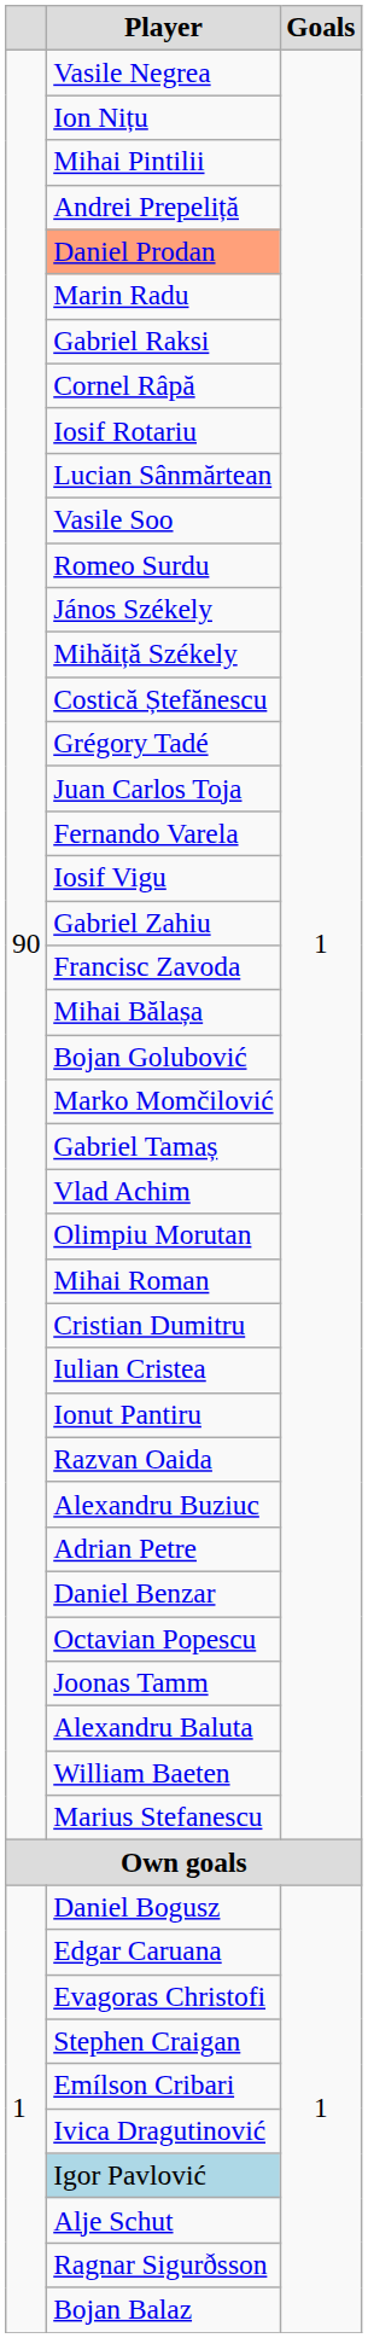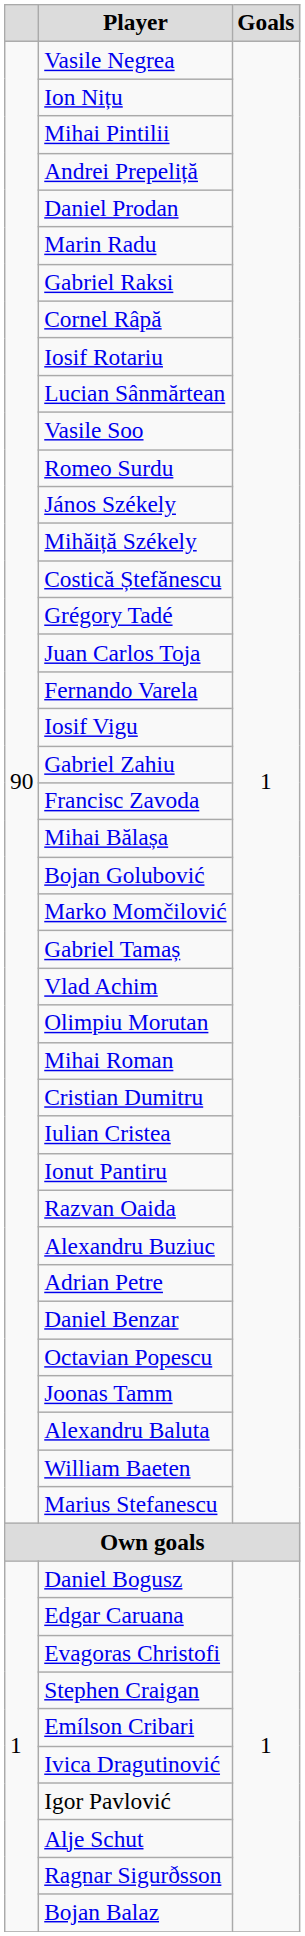 <table border="0" class="wikitable">
 <tr>
 <th width="15" style="background:#DCDCDC"></th>
 <th style="background:#DCDCDC">Player</th>
 <th style="background:#DCDCDC">Goals</th>
 </tr>
 <tr>
 <td rowspan="40" align=left>90</td>
 <td><a href='#'>Vasile Negrea</a></td>
 <td rowspan="40" align=center>1</td>
 </tr>
 <tr>
 <td><a href='#'>Ion Nițu</a></td>
 </tr>
 <tr>
 <td><a href='#'>Mihai Pintilii</a></td>
 </tr>
 <tr>
 <td><a href='#'>Andrei Prepeliță</a></td>
 </tr>
 <tr>
-<td style="background: lightsalmon;"><a href='#'>Daniel Prodan</a></td>
+<td><a href='#'>Daniel Prodan</a></td>
 </tr>
 <tr>
 <td><a href='#'>Marin Radu</a></td>
 </tr>
 <tr>
 <td><a href='#'>Gabriel Raksi</a></td>
 </tr>
 <tr>
 <td><a href='#'>Cornel Râpă</a></td>
 </tr>
 <tr>
 <td><a href='#'>Iosif Rotariu</a></td>
 </tr>
 <tr>
 <td><a href='#'>Lucian Sânmărtean</a></td>
 </tr>
 <tr>
 <td><a href='#'>Vasile Soo</a></td>
 </tr>
 <tr>
 <td><a href='#'>Romeo Surdu</a></td>
 </tr>
 <tr>
 <td><a href='#'>János Székely</a></td>
 </tr>
 <tr>
 <td><a href='#'>Mihăiță Székely</a></td>
 </tr>
 <tr>
 <td><a href='#'>Costică Ștefănescu</a></td>
 </tr>
 <tr>
 <td> <a href='#'>Grégory Tadé</a></td>
 </tr>
 <tr>
 <td> <a href='#'>Juan Carlos Toja</a></td>
 </tr>
 <tr>
 <td> <a href='#'>Fernando Varela</a></td>
 </tr>
 <tr>
 <td><a href='#'>Iosif Vigu</a></td>
 </tr>
 <tr>
 <td><a href='#'>Gabriel Zahiu</a></td>
 </tr>
 <tr>
 <td><a href='#'>Francisc Zavoda</a></td>
 </tr>
 <tr>
 <td><a href='#'>Mihai Bălașa</a></td>
 </tr>
 <tr>
 <td> <a href='#'>Bojan Golubović</a></td>
 </tr>
 <tr>
 <td> <a href='#'>Marko Momčilović</a></td>
 </tr>
 <tr>
 <td><a href='#'>Gabriel Tamaș</a></td>
 </tr>
 <tr>
 <td><a href='#'>Vlad Achim</a></td>
 </tr>
 <tr>
 <td><a href='#'>Olimpiu Morutan</a></td>
 </tr>
 <tr>
 <td><a href='#'>Mihai Roman</a></td>
 </tr>
 <tr>
 <td><a href='#'>Cristian Dumitru</a></td>
 </tr>
 <tr>
 <td><a href='#'>Iulian Cristea</a></td>
 </tr>
 <tr>
 <td><a href='#'>Ionut Pantiru</a></td>
 </tr>
 <tr>
 <td><a href='#'>Razvan Oaida</a></td>
 </tr>
 <tr>
 <td><a href='#'>Alexandru Buziuc</a></td>
 </tr>
 <tr>
 <td><a href='#'>Adrian Petre</a></td>
 </tr>
 <tr>
 <td><a href='#'>Daniel Benzar</a></td>
 </tr>
 <tr>
 <td><a href='#'>Octavian Popescu</a></td>
 </tr>
 <tr>
 <td> <a href='#'>Joonas Tamm</a></td>
 </tr>
 <tr>
 <td><a href='#'>Alexandru Baluta</a></td>
 </tr>
 <tr>
 <td> <a href='#'>William Baeten</a></td>
 </tr>
 <tr>
 <td><a href='#'>Marius Stefanescu</a></td>
 </tr>
 <tr>
 <td colspan="10" align=center style="background:#DCDCDC"><strong>Own goals</strong></td>
 </tr>
 <tr>
 <td rowspan="10" align=left>1</td>
 <td> <a href='#'>Daniel Bogusz</a></td>
 <td rowspan="10" align=center>1</td>
 </tr>
 <tr>
 <td> <a href='#'>Edgar Caruana</a></td>
 </tr>
 <tr>
 <td> <a href='#'>Evagoras Christofi</a></td>
 </tr>
 <tr>
 <td> <a href='#'>Stephen Craigan</a></td>
 </tr>
 <tr>
 <td> <a href='#'>Emílson Cribari</a></td>
 </tr>
 <tr>
 <td> <a href='#'>Ivica Dragutinović</a></td>
 </tr>
 <tr>
-<td style="background: lightblue;"> Igor Pavlović</td>
+<td> Igor Pavlović</td>
 </tr>
 <tr>
 <td> <a href='#'>Alje Schut</a></td>
 </tr>
 <tr>
 <td> <a href='#'>Ragnar Sigurðsson</a></td>
 </tr>
 <tr>
 <td> <a href='#'>Bojan Balaz</a></td>
 </tr>
 </table>
